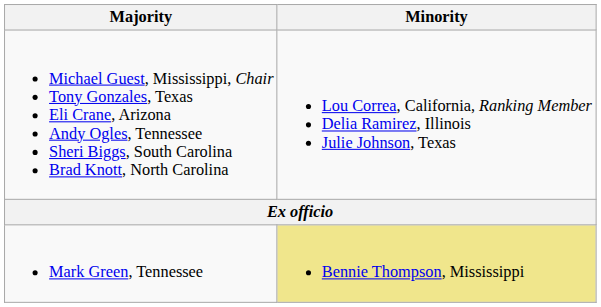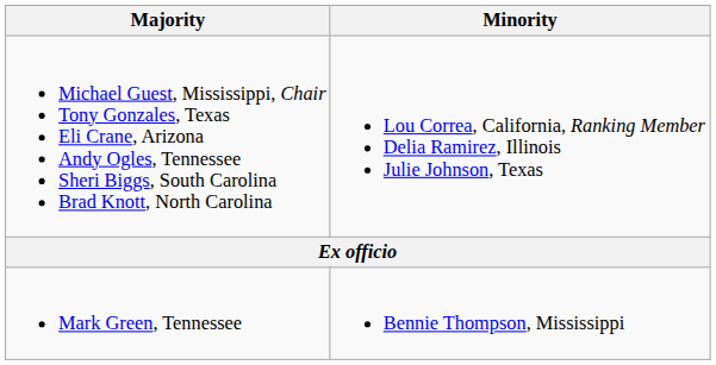 <table class="wikitable">
 <tr>
 <th>Majority</th>
 <th>Minority</th>
 </tr>
 <tr>
 <td><br><ul><li><a href='#'>Michael Guest</a>, Mississippi, <em>Chair</em></li><li><a href='#'>Tony Gonzales</a>, Texas</li><li><a href='#'>Eli Crane</a>, Arizona</li><li><a href='#'>Andy Ogles</a>, Tennessee</li><li><a href='#'>Sheri Biggs</a>, South Carolina</li><li><a href='#'>Brad Knott</a>, North Carolina</li></ul></td>
 <td><br><ul><li><a href='#'>Lou Correa</a>, California, <em>Ranking Member</em></li><li><a href='#'>Delia Ramirez</a>, Illinois</li><li><a href='#'>Julie Johnson</a>, Texas</li></ul></td>
 </tr>
 <tr>
 <th colspan="2"><em>Ex officio</em></th>
 </tr>
 <tr>
 <td><br><ul><li><a href='#'>Mark Green</a>, Tennessee</li></ul></td>
-<td style="background: khaki;"><br><ul><li><a href='#'>Bennie Thompson</a>, Mississippi</li></ul></td>
+<td><br><ul><li><a href='#'>Bennie Thompson</a>, Mississippi</li></ul></td>
 </tr>
 </table>
